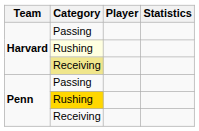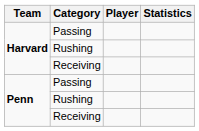 <table class="wikitable" style="float: right;">
 <tr>
 <th>Team</th>
 <th>Category</th>
 <th>Player</th>
 <th>Statistics</th>
 </tr>
 <tr>
 <td rowspan=3><strong>Harvard</strong></td>
 <td>Passing</td>
 <td></td>
 <td></td>
 </tr>
 <tr>
-<td style="background: lightyellow;">Rushing</td>
+<td>Rushing</td>
 <td></td>
 <td></td>
 </tr>
 <tr>
-<td style="background: khaki;">Receiving</td>
+<td>Receiving</td>
 <td></td>
 <td></td>
 </tr>
 <tr>
 <td rowspan=3><strong>Penn</strong></td>
 <td>Passing</td>
 <td></td>
 <td></td>
 </tr>
 <tr>
-<td style="background: gold;">Rushing</td>
+<td>Rushing</td>
 <td></td>
 <td></td>
 </tr>
 <tr>
 <td>Receiving</td>
 <td></td>
 <td></td>
 </tr>
 </table>
